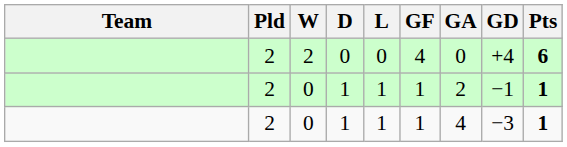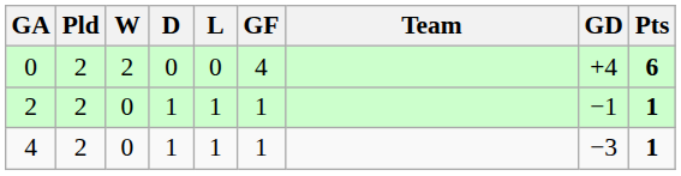 <table class="wikitable" style="text-align:center">
 <tr>
-<th width=175>Team</th>
+<th style="width:20px;" abbr="Goals against">GA</th>
 <th style="width:20px;" abbr="Played">Pld</th>
 <th style="width:20px;" abbr="Won">W</th>
 <th style="width:20px;" abbr="Drawn">D</th>
 <th style="width:20px;" abbr="Lost">L</th>
 <th style="width:20px;" abbr="Goals for">GF</th>
-<th style="width:20px;" abbr="Goals against">GA</th>
+<th width=175>Team</th>
 <th style="width:20px;" abbr="Goal difference">GD</th>
 <th style="width:20px;" abbr="Points">Pts</th>
 </tr>
 <tr style="background:#cfc;">
-<td align=left></td>
+<td>0</td>
 <td>2</td>
 <td>2</td>
 <td>0</td>
 <td>0</td>
 <td>4</td>
-<td>0</td>
+<td align=left></td>
 <td>+4</td>
 <td><strong>6</strong></td>
 </tr>
 <tr style="background:#cfc;">
-<td align=left></td>
+<td>2</td>
 <td>2</td>
 <td>0</td>
 <td>1</td>
 <td>1</td>
 <td>1</td>
-<td>2</td>
+<td align=left></td>
 <td>−1</td>
 <td><strong>1</strong></td>
 </tr>
 <tr>
-<td align=left></td>
+<td>4</td>
 <td>2</td>
 <td>0</td>
 <td>1</td>
 <td>1</td>
 <td>1</td>
-<td>4</td>
+<td align=left></td>
 <td>−3</td>
 <td><strong>1</strong></td>
 </tr>
 </table>
